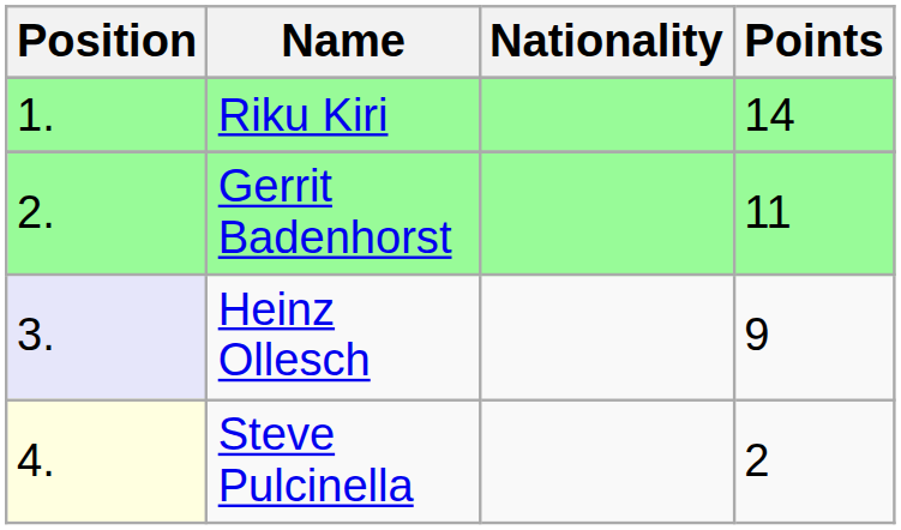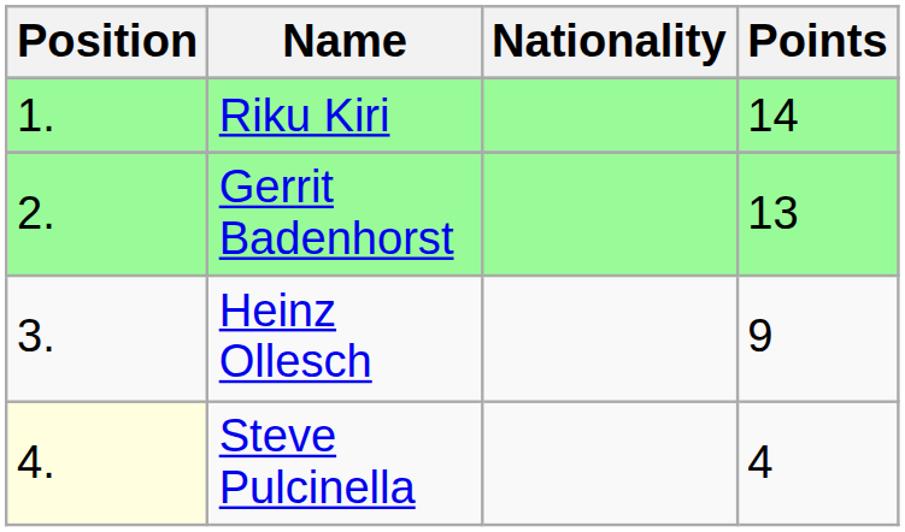 <table class="wikitable" style="display: inline-table; width: 50%;">
 <tr>
 <th>Position</th>
 <th>Name</th>
 <th>Nationality</th>
 <th>Points</th>
 </tr>
 <tr>
 </tr>
 <tr style="background:palegreen">
 <td>1.</td>
 <td><a href='#'>Riku Kiri</a></td>
 <td></td>
 <td>14</td>
 </tr>
 <tr>
 </tr>
 <tr style="background:palegreen">
 <td>2.</td>
 <td><a href='#'>Gerrit Badenhorst</a></td>
 <td></td>
-<td>11</td>
+<td>13</td>
 </tr>
 <tr>
-<td style="background: lavender;">3.</td>
+<td>3.</td>
 <td><a href='#'>Heinz Ollesch</a></td>
 <td></td>
 <td>9</td>
 </tr>
 <tr>
 <td style="background: lightyellow;">4.</td>
 <td><a href='#'>Steve Pulcinella</a></td>
 <td></td>
-<td>2</td>
+<td>4</td>
 </tr>
 </table>
